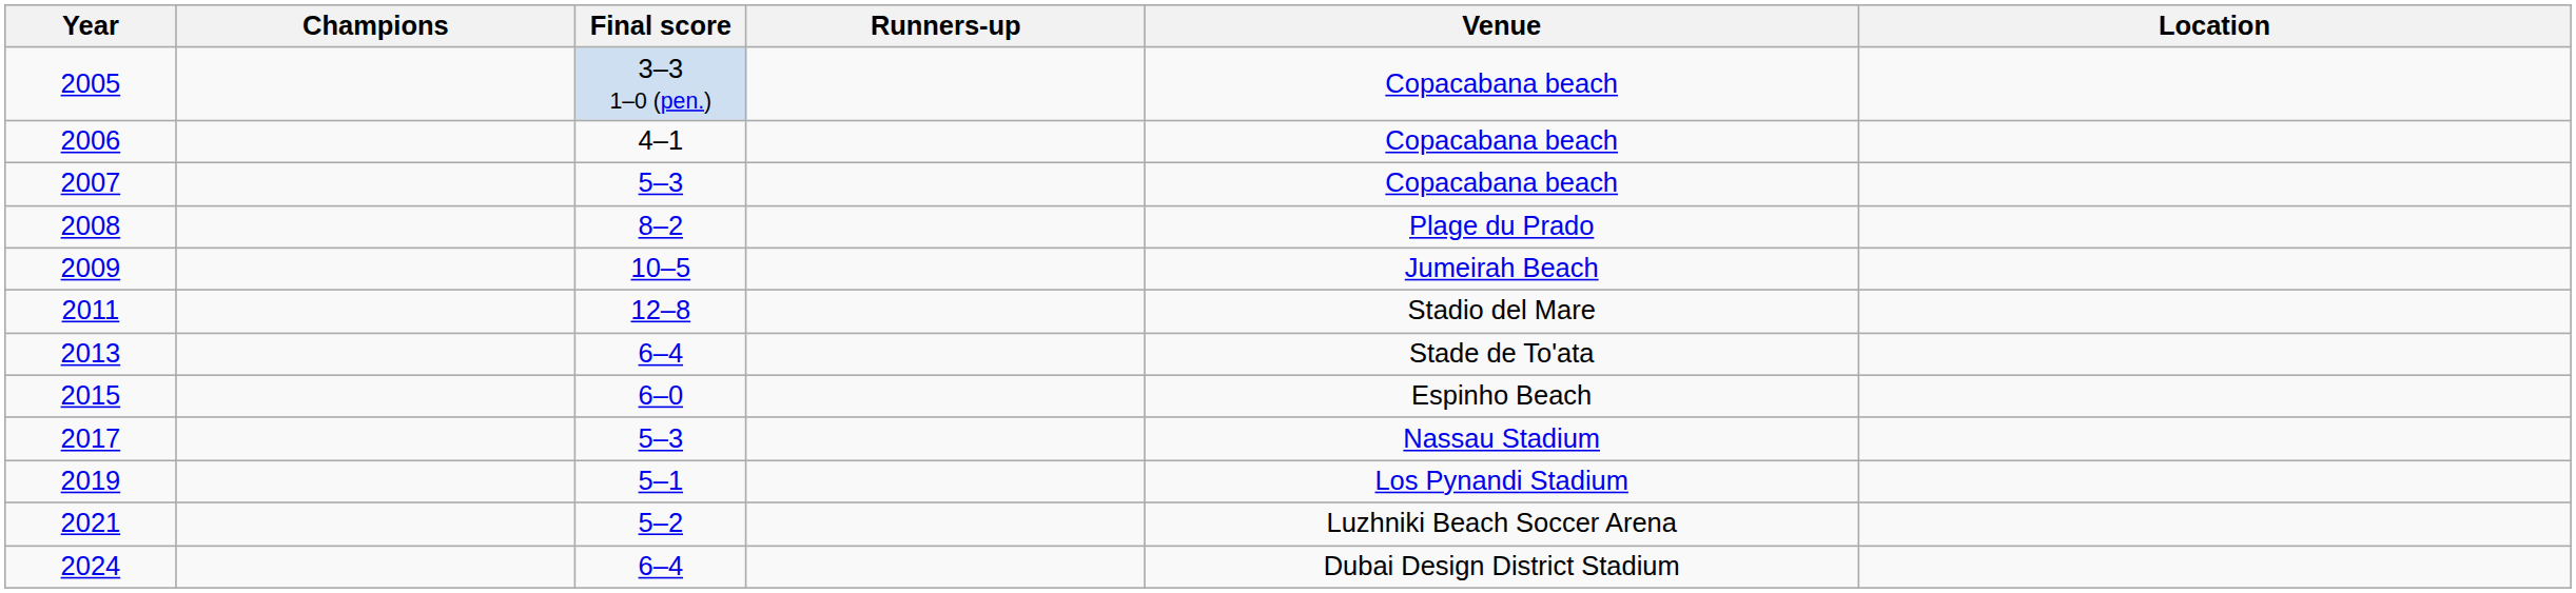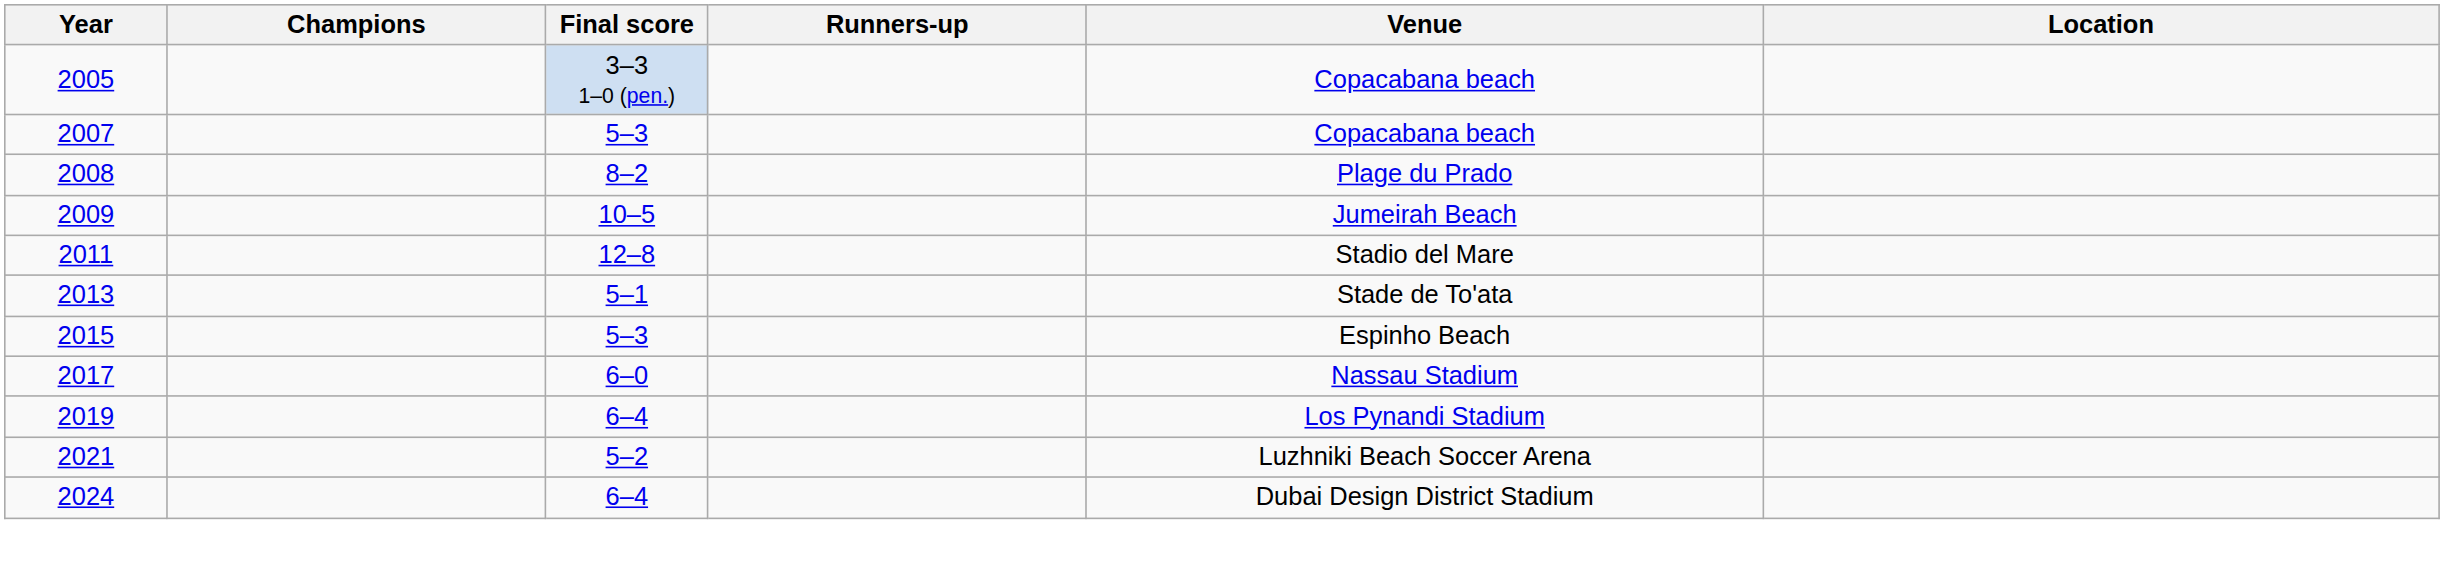 <table class="sortable wikitable">
 <tr>
 <th style="width:6%;">Year</th>
 <th style="width:14%;">Champions</th>
 <th style="width:6%;">Final score</th>
 <th style="width:14%;">Runners-up</th>
 <th style="width:25%;">Venue</th>
 <th style="width:25%;">Location</th>
 </tr>
 <tr>
 <td align=center><a href='#'>2005</a></td>
 <td align=right></td>
 <td style="text-align:center; background:#cedff2;">3–3<br> <small>1–0 (<a href='#'>pen.</a>)</small></td>
-<td align=left></td>
-<td align=center><a href='#'>Copacabana beach</a></td>
-<td align=center></td>
-</tr>
-<tr>
-<td align=center><a href='#'>2006</a></td>
-<td align=right></td>
-<td align=center>4–1</td>
 <td align=left></td>
 <td align=center><a href='#'>Copacabana beach</a></td>
 <td align=center></td>
 </tr>
 <tr>
 <td align=center><a href='#'>2007</a></td>
 <td align=right></td>
 <td align=center><a href='#'>5–3</a></td>
 <td align=left></td>
 <td align=center><a href='#'>Copacabana beach</a></td>
 <td align=center></td>
 </tr>
 <tr>
 <td align=center><a href='#'>2008</a></td>
 <td align=right></td>
 <td align=center><a href='#'>8–2</a></td>
 <td align=left></td>
 <td align=center><a href='#'>Plage du Prado</a></td>
 <td align=center></td>
 </tr>
 <tr>
 <td align=center><a href='#'>2009</a></td>
 <td align=right></td>
 <td align=center><a href='#'>10–5</a></td>
 <td align=left></td>
 <td align=center><a href='#'>Jumeirah Beach</a></td>
 <td align=center></td>
 </tr>
 <tr>
 <td align=center><a href='#'>2011</a></td>
 <td align=right></td>
 <td align=center><a href='#'>12–8</a></td>
 <td align=left></td>
 <td align=center>Stadio del Mare</td>
 <td align=center></td>
 </tr>
 <tr>
 <td align=center><a href='#'>2013</a></td>
 <td align=right></td>
-<td align=center><a href='#'>6–4</a></td>
+<td align=center><a href='#'>5–1</a></td>
 <td align=left></td>
 <td align=center>Stade de To'ata</td>
 <td align=center></td>
 </tr>
 <tr>
 <td align=center><a href='#'>2015</a></td>
 <td align=right></td>
-<td align=center><a href='#'>6–0</a></td>
+<td align=center><a href='#'>5–3</a></td>
 <td align=left></td>
 <td align=center>Espinho Beach</td>
 <td align=center></td>
 </tr>
 <tr>
 <td align=center><a href='#'>2017</a></td>
 <td align=right></td>
-<td align=center><a href='#'>5–3</a></td>
+<td align=center><a href='#'>6–0</a></td>
 <td align=left></td>
 <td align=center><a href='#'>Nassau Stadium</a></td>
 <td align=center></td>
 </tr>
 <tr>
 <td align=center><a href='#'>2019</a></td>
 <td align=right></td>
-<td align=center><a href='#'>5–1</a></td>
+<td align=center><a href='#'>6–4</a></td>
 <td align=left></td>
 <td align=center><a href='#'>Los Pynandi Stadium</a></td>
 <td align=center></td>
 </tr>
 <tr>
 <td align=center><a href='#'>2021</a></td>
 <td align=right></td>
 <td align=center><a href='#'>5–2</a></td>
 <td align=left></td>
 <td align=center>Luzhniki Beach Soccer Arena</td>
 <td align=center></td>
 </tr>
 <tr>
 <td align=center><a href='#'>2024</a></td>
 <td align=right></td>
 <td align=center><a href='#'>6–4</a></td>
 <td align=left></td>
 <td align=center>Dubai Design District Stadium</td>
 <td align=center></td>
 </tr>
 </table>
